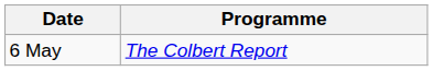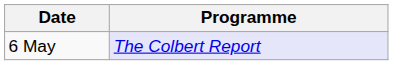 <table class="wikitable">
 <tr>
 <th width=90>Date</th>
 <th width=250>Programme</th>
 </tr>
 <tr>
 <td>6 May</td>
-<td><em><a href='#'>The Colbert Report</a></em></td>
+<td style="background: lavender;"><em><a href='#'>The Colbert Report</a></em></td>
 </tr>
 </table>
